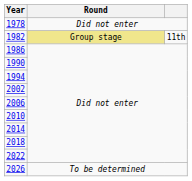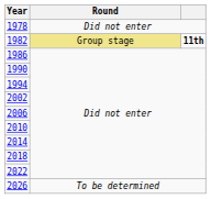 <table class="wikitable" style="text-align: center; font-size:90%">
 <tr>
 <th>Year</th>
 <th style="width:200px">Round</th>
 <th></th>
 </tr>
 <tr>
 <td><a href='#'>1978</a></td>
 <td colspan="2"><em>Did not enter</em></td>
 </tr>
 <tr>
 <td><a href='#'>1982</a></td>
 <td style="background: khaki;">Group stage</td>
-<td>11th</td>
+<td><strong>11th</strong></td>
 </tr>
 <tr>
 <td><a href='#'>1986</a></td>
 <td colspan="2" rowspan="9"><em>Did not enter</em></td>
 </tr>
 <tr>
 <td><a href='#'>1990</a></td>
 </tr>
 <tr>
 <td><a href='#'>1994</a></td>
 </tr>
 <tr>
 <td><a href='#'>2002</a></td>
 </tr>
 <tr>
 <td><a href='#'>2006</a></td>
 </tr>
 <tr>
 <td><a href='#'>2010</a></td>
 </tr>
 <tr>
 <td><a href='#'>2014</a></td>
 </tr>
 <tr>
 <td><a href='#'>2018</a></td>
 </tr>
 <tr>
 <td><a href='#'>2022</a></td>
 </tr>
 <tr>
 <td><a href='#'>2026</a></td>
 <td colspan="2"><em>To be determined</em></td>
 </tr>
 </table>
